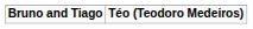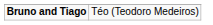 <table class="wikitable">
 <tr bgcolor="#CCCCCC">
 </tr>
 <tr>
 <td><strong>Bruno and Tiago</strong></td>
-<td><strong>Téo (Teodoro Medeiros)</strong></td>
+<td>Téo (Teodoro Medeiros)</td>
 </tr>
 </table>
